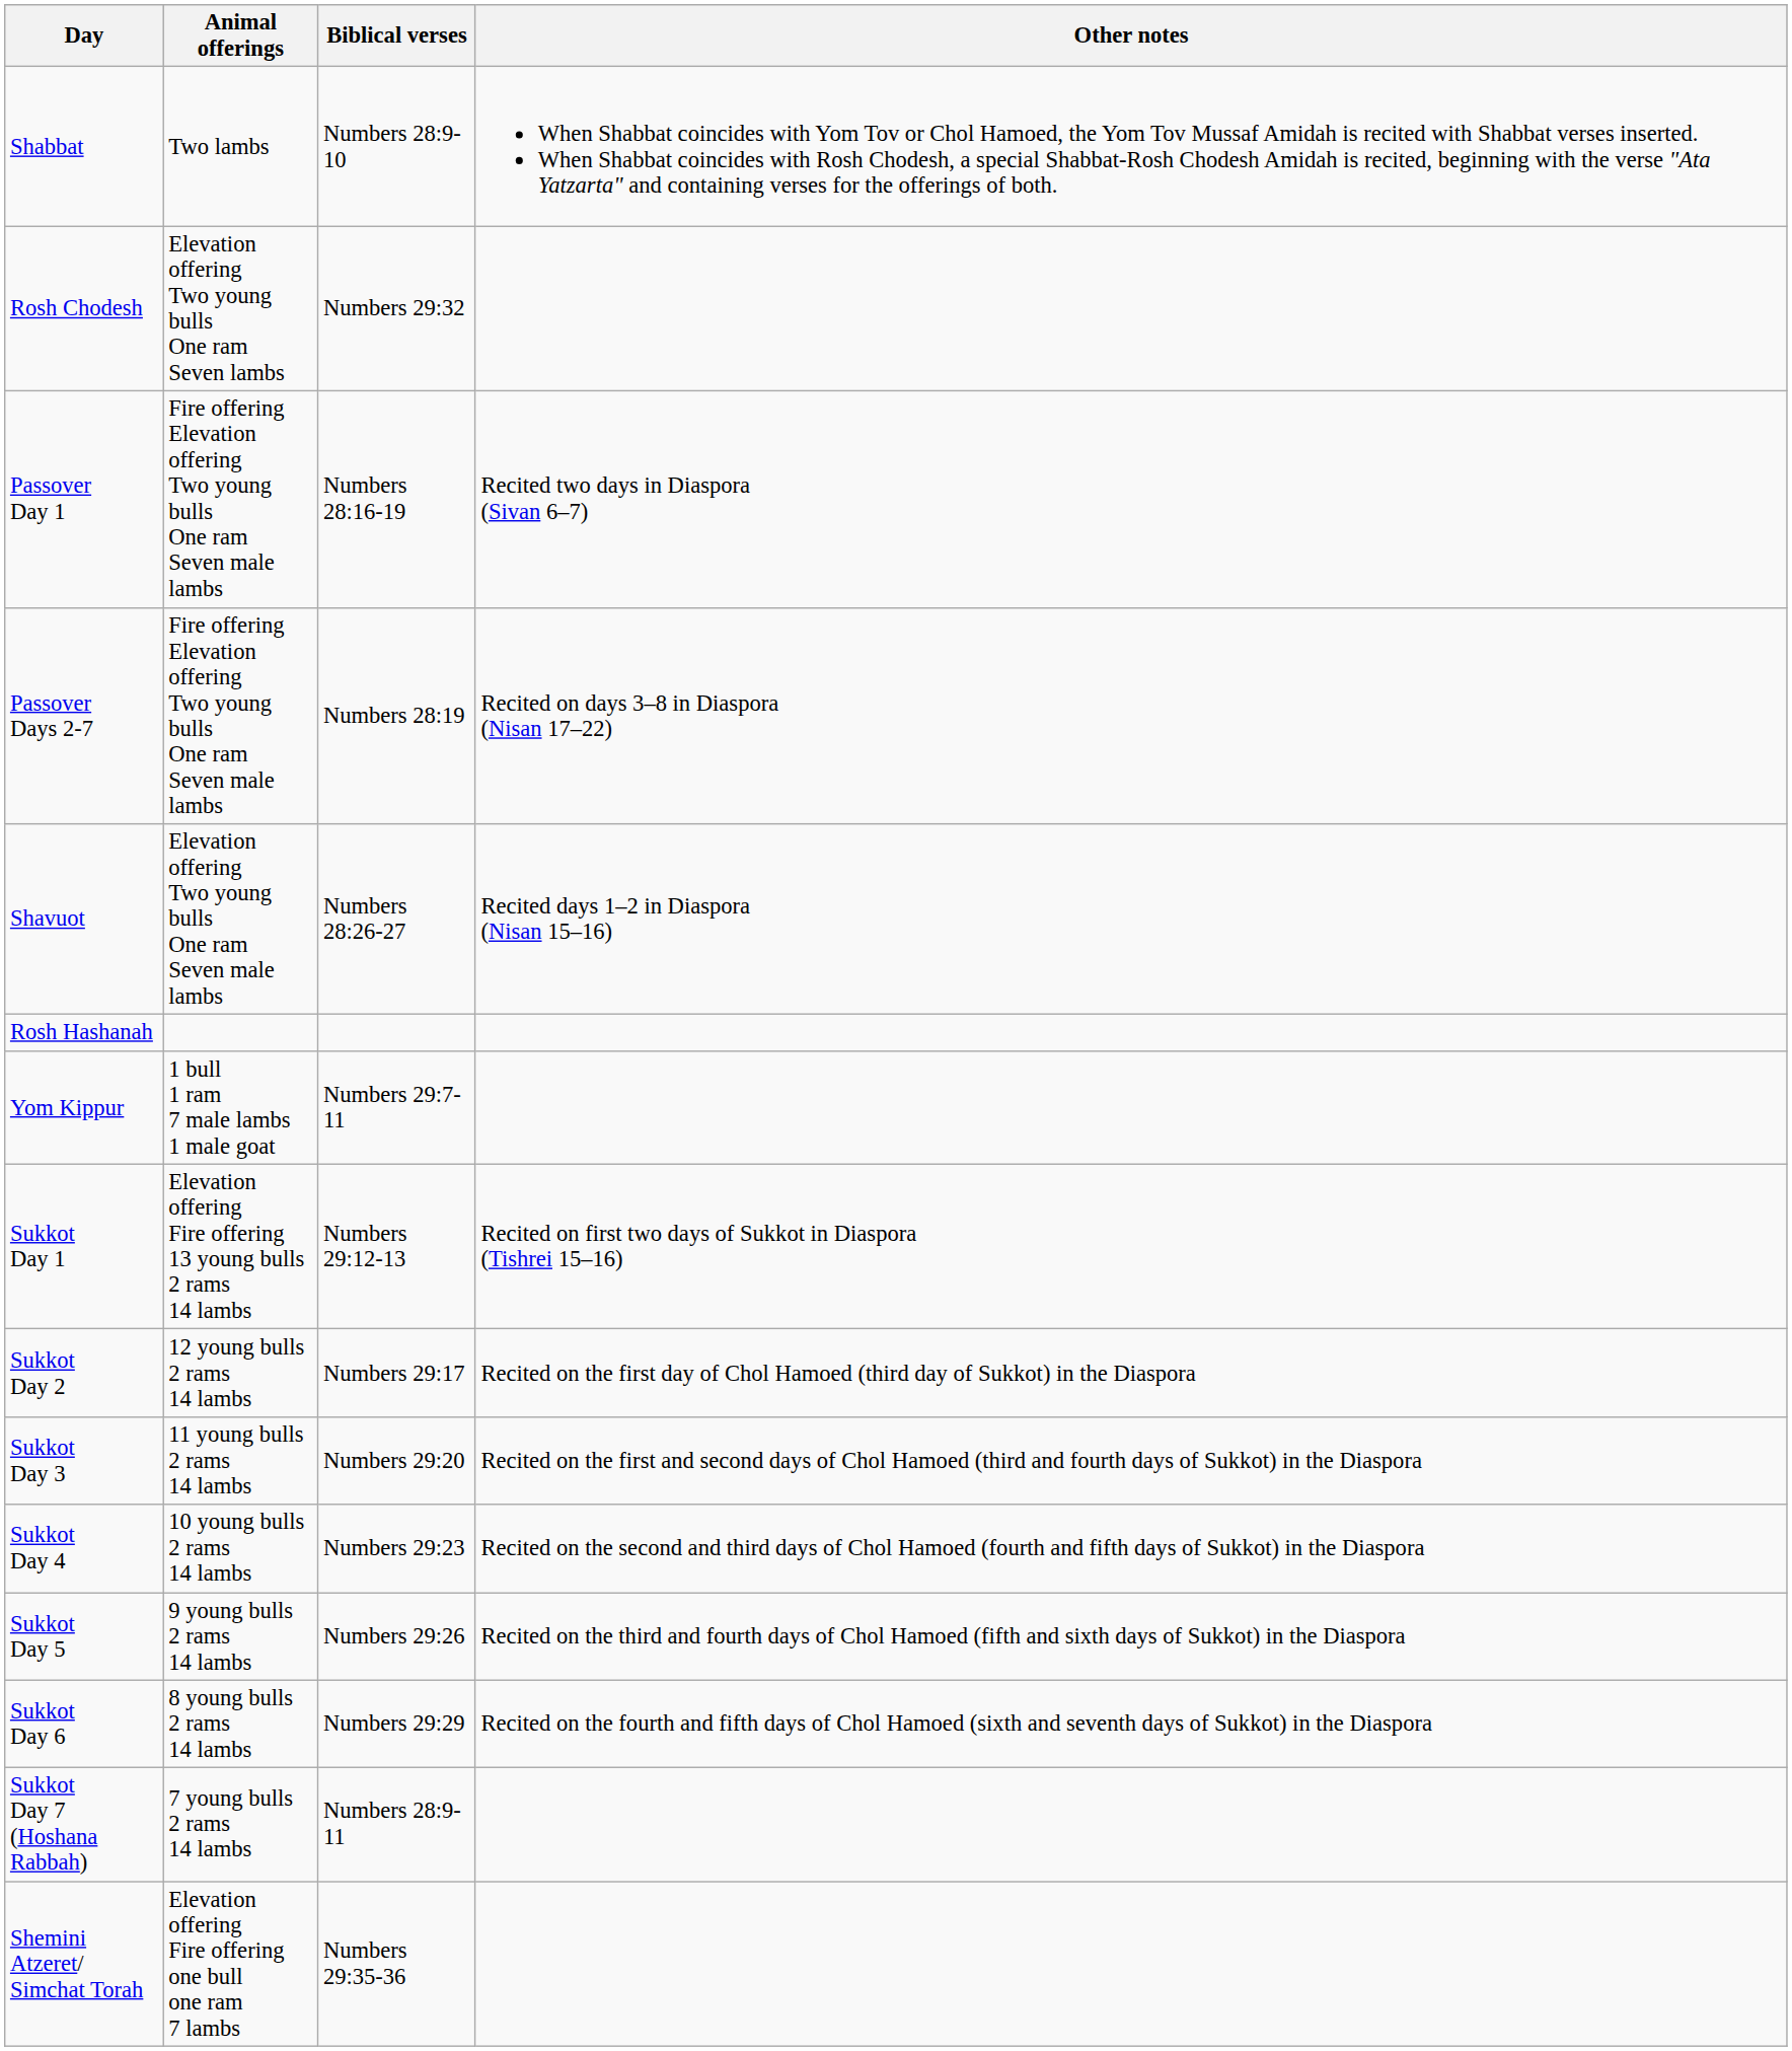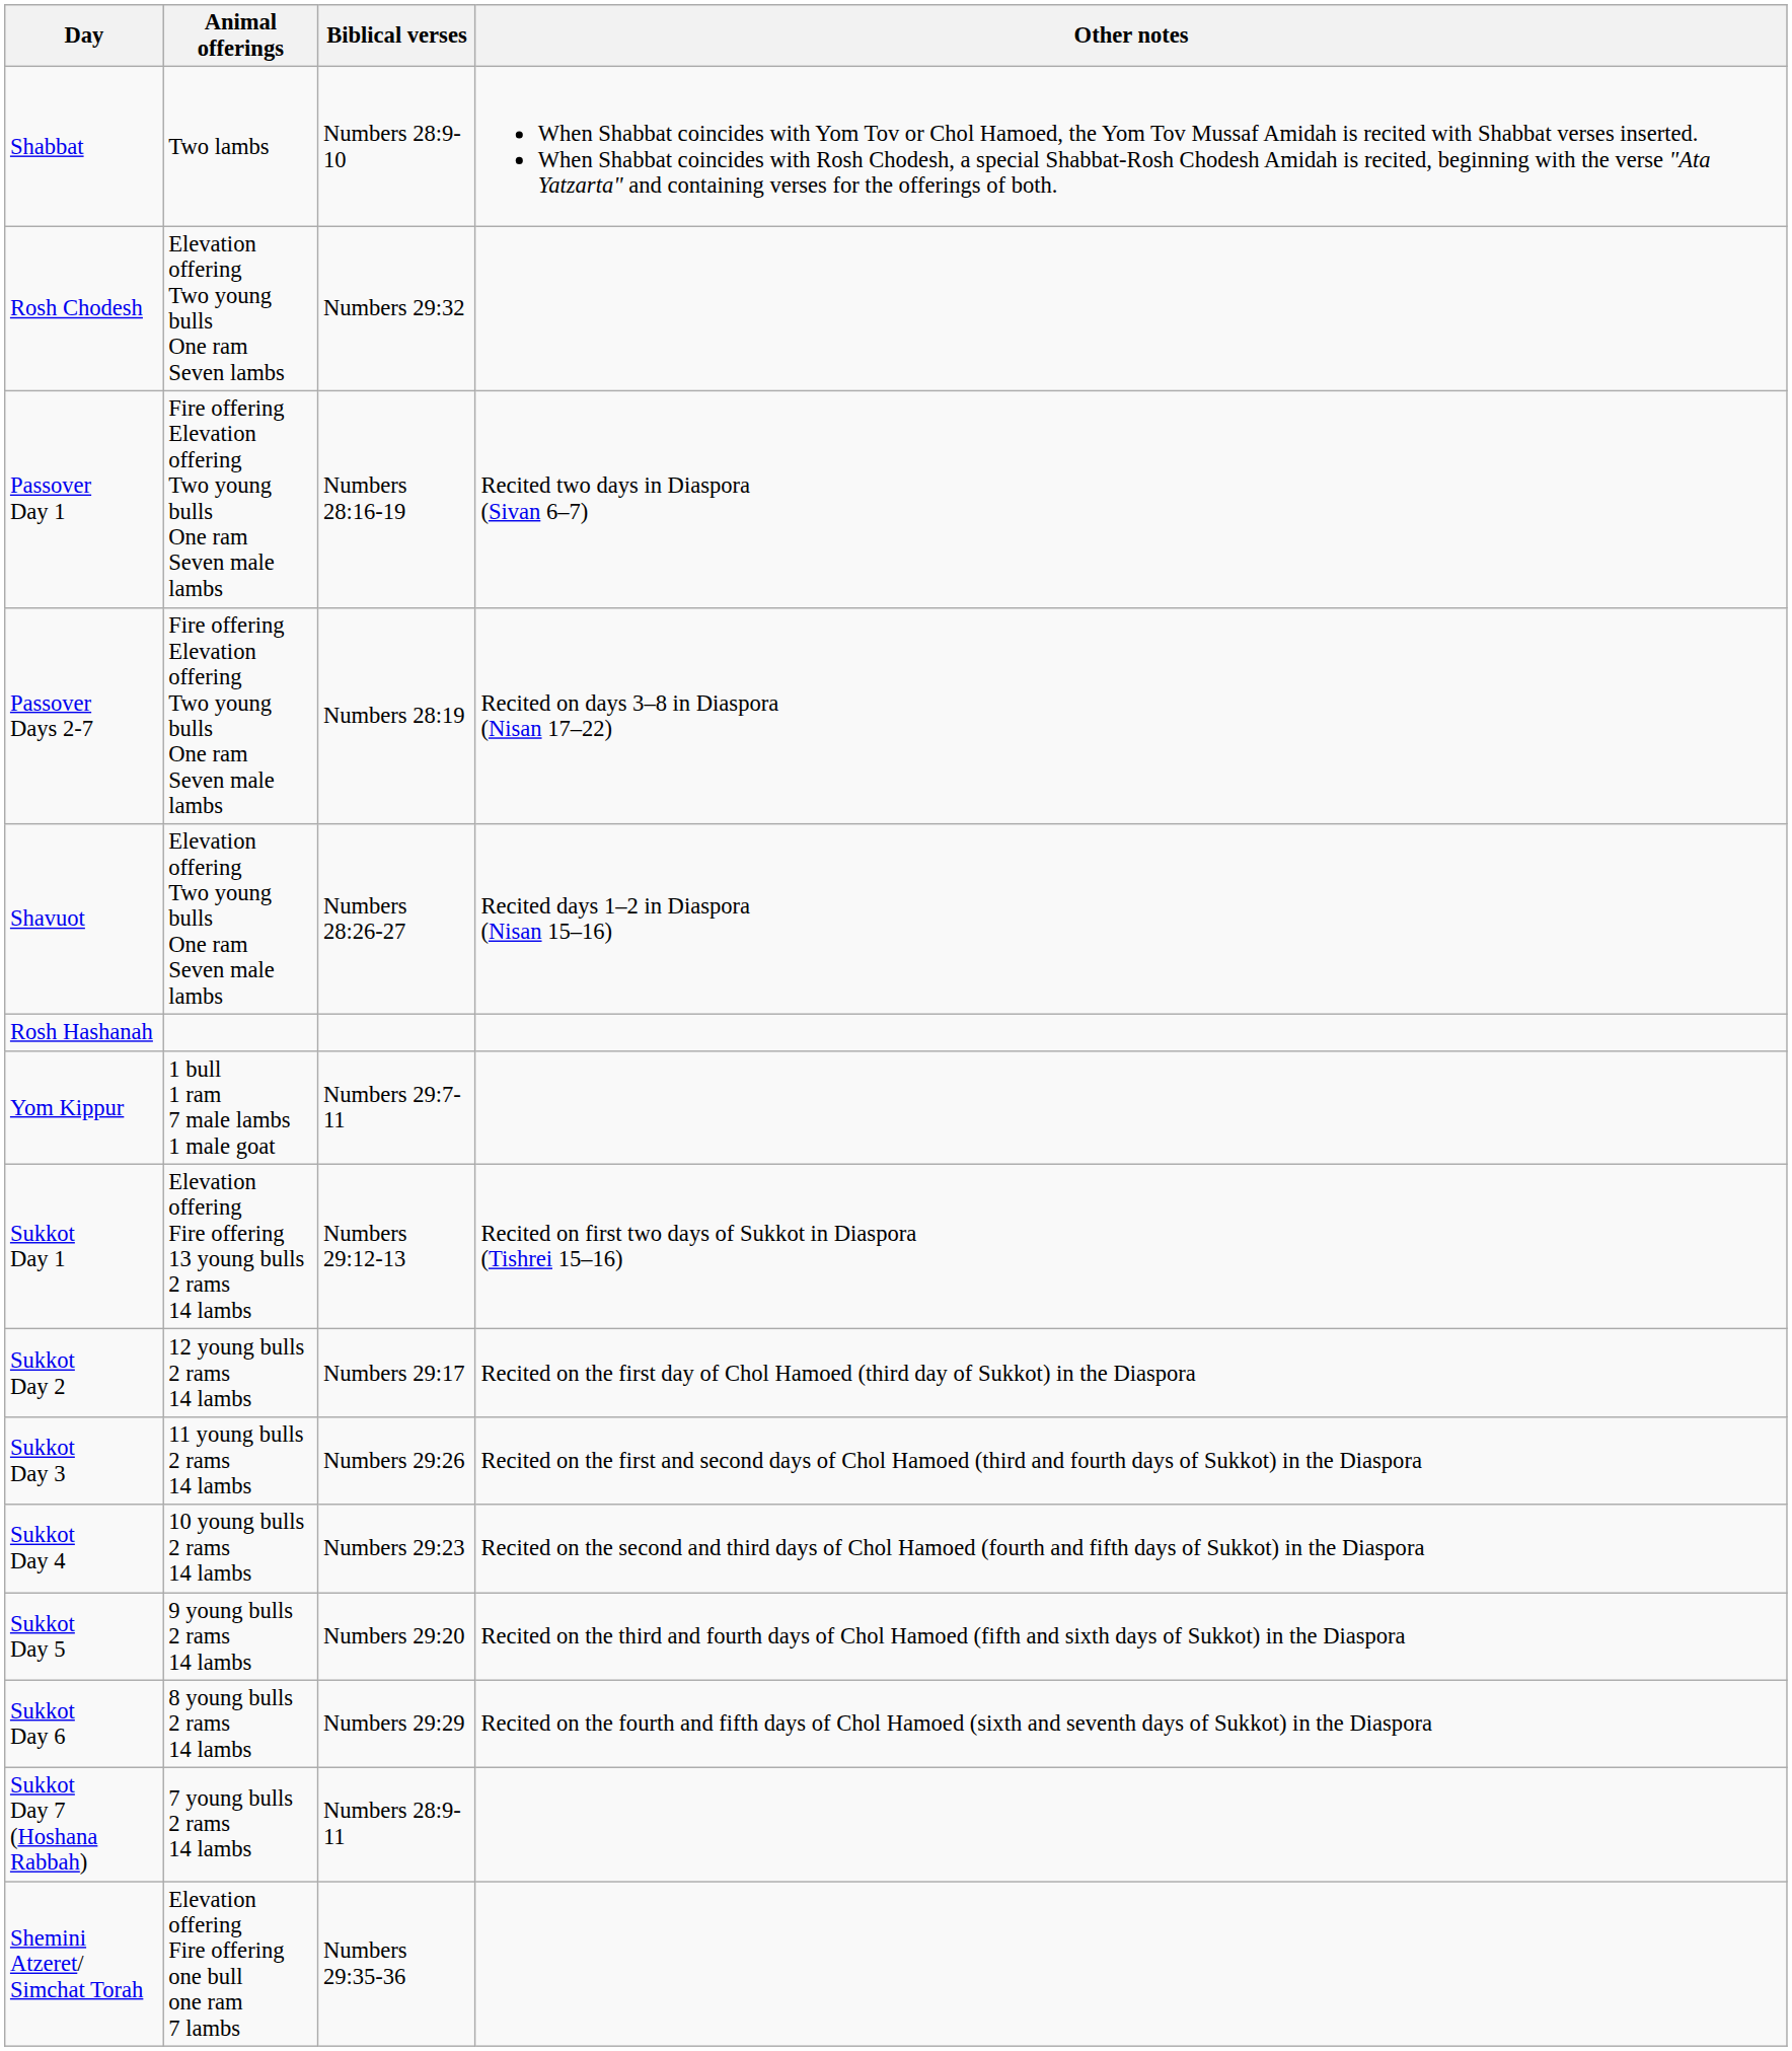 <table class="wikitable">
 <tr style="background-color:#DDDDDD;text-align:center;">
 <th>Day</th>
 <th>Animal offerings</th>
 <th>Biblical verses</th>
 <th>Other notes</th>
 </tr>
 <tr>
 <td><a href='#'>Shabbat</a></td>
 <td>Two lambs</td>
 <td>Numbers 28:9-10</td>
 <td><br><ul><li>When Shabbat coincides with Yom Tov or Chol Hamoed, the Yom Tov Mussaf Amidah is recited with Shabbat verses inserted.</li><li>When Shabbat coincides with Rosh Chodesh, a special Shabbat-Rosh Chodesh Amidah is recited, beginning with the verse <em>"Ata Yatzarta"</em> and containing verses for the offerings of both.</li></ul></td>
 </tr>
 <tr>
 <td><a href='#'>Rosh Chodesh</a></td>
 <td>Elevation offering<br>Two young bulls<br>One ram<br>Seven lambs</td>
 <td>Numbers 29:32</td>
 <td></td>
 </tr>
 <tr>
 <td><a href='#'>Passover</a><br>Day 1</td>
 <td>Fire offering<br>Elevation offering<br>Two young bulls<br>One ram<br>Seven male lambs</td>
 <td>Numbers 28:16-19</td>
 <td>Recited two days in Diaspora<br>(<a href='#'>Sivan</a> 6–7)</td>
 </tr>
 <tr>
 <td><a href='#'>Passover</a><br>Days 2-7</td>
 <td>Fire offering<br>Elevation offering<br>Two young bulls<br>One ram<br>Seven male lambs</td>
 <td>Numbers 28:19</td>
 <td>Recited on days 3–8 in Diaspora<br>(<a href='#'>Nisan</a> 17–22)</td>
 </tr>
 <tr>
 <td><a href='#'>Shavuot</a></td>
 <td>Elevation offering<br>Two young bulls<br>One ram<br>Seven male lambs</td>
 <td>Numbers 28:26-27</td>
 <td>Recited days 1–2 in Diaspora<br>(<a href='#'>Nisan</a> 15–16)</td>
 </tr>
 <tr>
 <td><a href='#'>Rosh Hashanah</a></td>
 <td></td>
 <td></td>
 </tr>
 <tr>
 <td><a href='#'>Yom Kippur</a></td>
 <td>1 bull<br>1 ram<br>7 male lambs<br>1 male goat</td>
 <td>Numbers 29:7-11</td>
 <td></td>
 </tr>
 <tr>
 <td><a href='#'>Sukkot</a><br>Day 1</td>
 <td>Elevation offering<br>Fire offering<br>13 young bulls<br>2 rams<br>14 lambs</td>
 <td>Numbers 29:12-13</td>
 <td>Recited on first two days of Sukkot in Diaspora<br>(<a href='#'>Tishrei</a> 15–16)</td>
 </tr>
 <tr>
 <td><a href='#'>Sukkot</a><br>Day 2</td>
 <td>12 young bulls<br>2 rams<br>14 lambs</td>
 <td>Numbers 29:17</td>
 <td>Recited on the first day of Chol Hamoed (third day of Sukkot) in the Diaspora</td>
 </tr>
 <tr>
 <td><a href='#'>Sukkot</a><br>Day 3</td>
 <td>11 young bulls<br>2 rams<br>14 lambs</td>
-<td>Numbers 29:20</td>
+<td>Numbers 29:26</td>
 <td>Recited on the first and second days of Chol Hamoed (third and fourth days of Sukkot) in the Diaspora</td>
 </tr>
 <tr>
 <td><a href='#'>Sukkot</a><br>Day 4</td>
 <td>10 young bulls<br>2 rams<br>14 lambs</td>
 <td>Numbers 29:23</td>
 <td>Recited on the second and third days of Chol Hamoed (fourth and fifth days of Sukkot) in the Diaspora</td>
 </tr>
 <tr>
 <td><a href='#'>Sukkot</a><br>Day 5</td>
 <td>9 young bulls<br>2 rams<br>14 lambs</td>
-<td>Numbers 29:26</td>
+<td>Numbers 29:20</td>
 <td>Recited on the third and fourth days of Chol Hamoed (fifth and sixth days of Sukkot) in the Diaspora</td>
 </tr>
 <tr>
 <td><a href='#'>Sukkot</a><br>Day 6</td>
 <td>8 young bulls<br>2 rams<br>14 lambs</td>
 <td>Numbers 29:29</td>
 <td>Recited on the fourth and fifth days of Chol Hamoed (sixth and seventh days of Sukkot) in the Diaspora</td>
 </tr>
 <tr>
 <td><a href='#'>Sukkot</a><br>Day 7<br>(<a href='#'>Hoshana Rabbah</a>)</td>
 <td>7 young bulls<br>2 rams<br>14 lambs</td>
 <td>Numbers 28:9-11</td>
 <td></td>
 </tr>
 <tr>
 <td><a href='#'>Shemini Atzeret</a>/<br><a href='#'>Simchat Torah</a></td>
 <td>Elevation offering<br>Fire offering<br>one bull<br>one ram<br>7 lambs</td>
 <td>Numbers 29:35-36</td>
 <td></td>
 </tr>
 </table>
